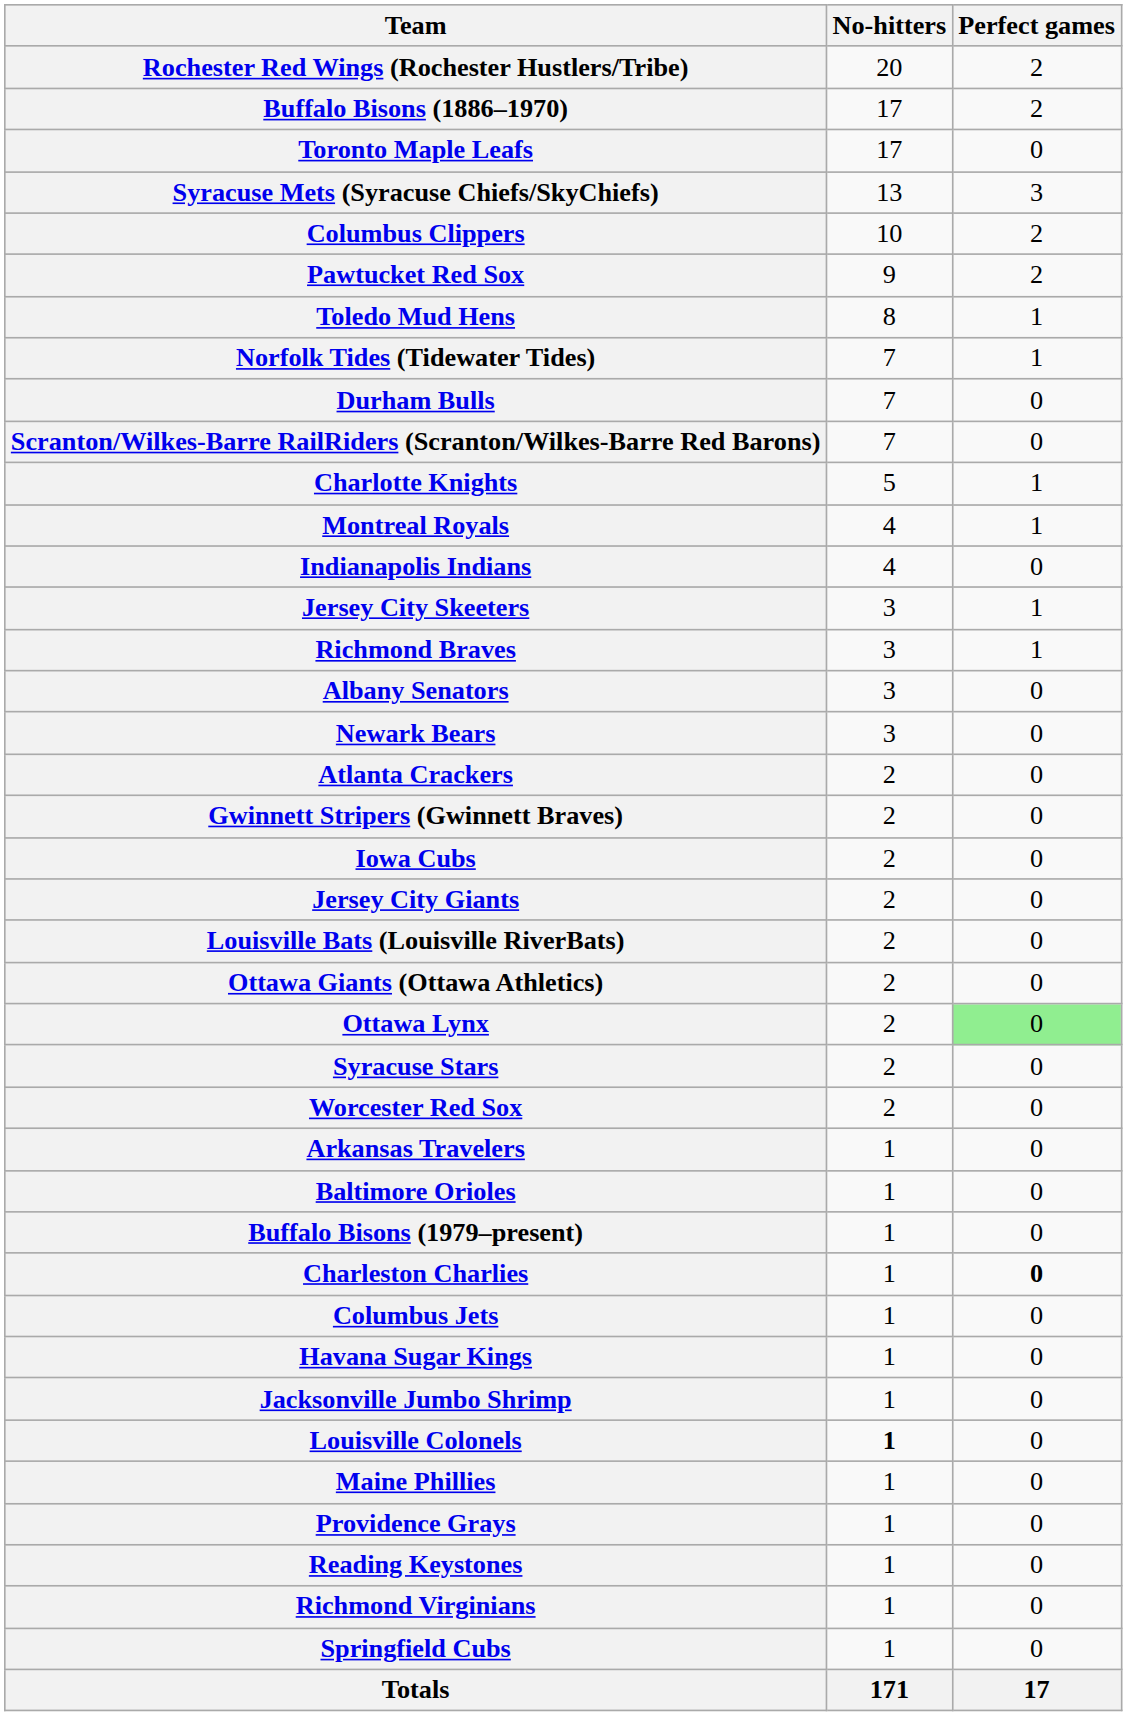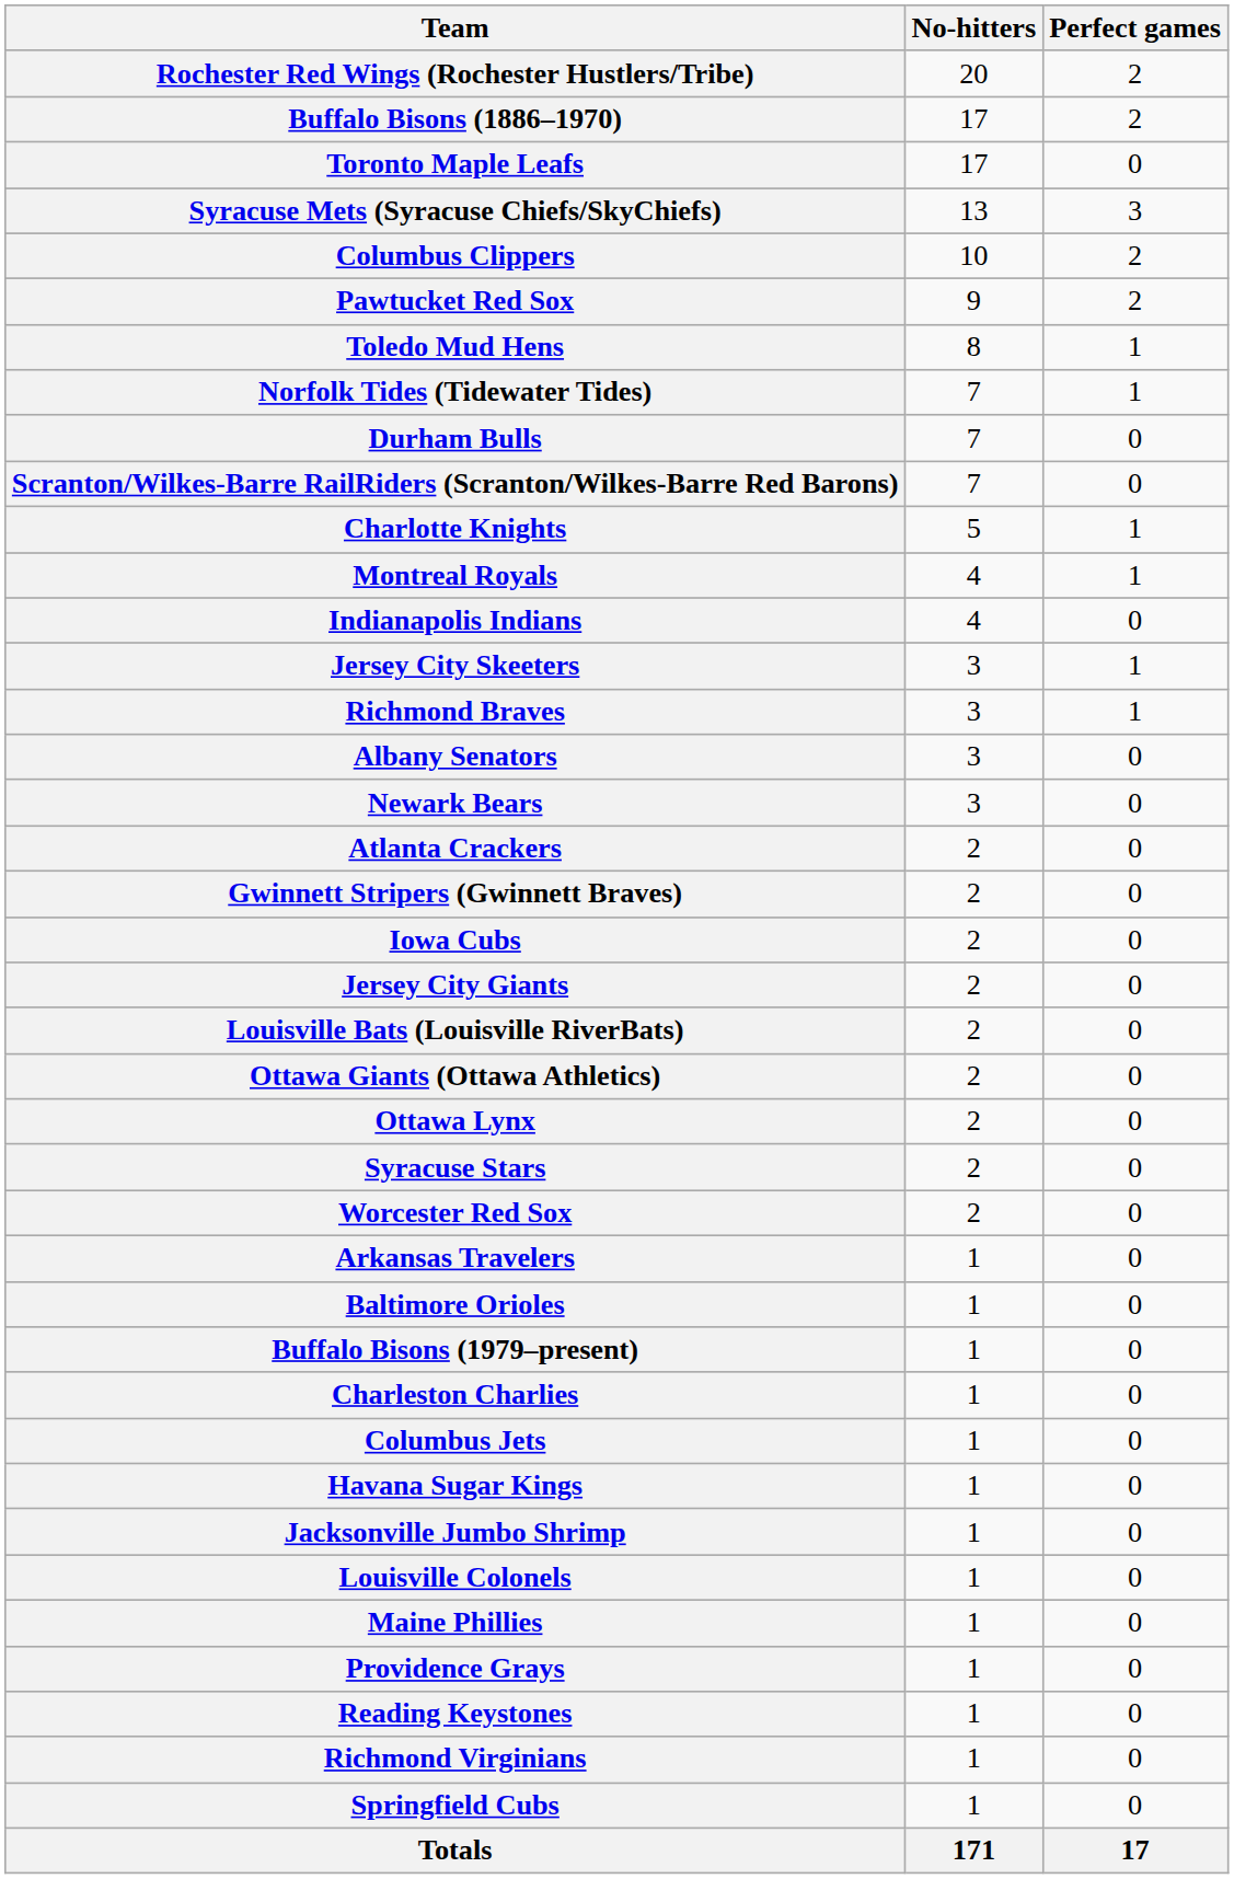 <table class="sortable wikitable plainrowheaders" style="text-align:center;">
 <tr>
 <th scope="col">Team</th>
 <th scope="col">No-hitters</th>
 <th scope="col">Perfect games</th>
 </tr>
 <tr>
 <th scope="row"><strong><a href='#'>Rochester Red Wings</a></strong> (Rochester Hustlers/Tribe)</th>
 <td>20</td>
 <td>2</td>
 </tr>
 <tr>
 <th scope="row"><a href='#'>Buffalo Bisons</a> (1886–1970)</th>
 <td>17</td>
 <td>2</td>
 </tr>
 <tr>
 <th scope="row"><a href='#'>Toronto Maple Leafs</a></th>
 <td>17</td>
 <td>0</td>
 </tr>
 <tr>
 <th scope="row"><strong><a href='#'>Syracuse Mets</a></strong> (Syracuse Chiefs/SkyChiefs)</th>
 <td>13</td>
 <td>3</td>
 </tr>
 <tr>
 <th scope="row"><strong><a href='#'>Columbus Clippers</a></strong></th>
 <td>10</td>
 <td>2</td>
 </tr>
 <tr>
 <th scope="row"><a href='#'>Pawtucket Red Sox</a></th>
 <td>9</td>
 <td>2</td>
 </tr>
 <tr>
 <th scope="row"><strong><a href='#'>Toledo Mud Hens</a></strong></th>
 <td>8</td>
 <td>1</td>
 </tr>
 <tr>
 <th scope="row"><strong><a href='#'>Norfolk Tides</a></strong> (Tidewater Tides)</th>
 <td>7</td>
 <td>1</td>
 </tr>
 <tr>
 <th scope="row"><strong><a href='#'>Durham Bulls</a></strong></th>
 <td>7</td>
 <td>0</td>
 </tr>
 <tr>
 <th scope="row"><strong><a href='#'>Scranton/Wilkes-Barre RailRiders</a></strong> (Scranton/Wilkes-Barre Red Barons)</th>
 <td>7</td>
 <td>0</td>
 </tr>
 <tr>
 <th scope="row"><strong><a href='#'>Charlotte Knights</a></strong></th>
 <td>5</td>
 <td>1</td>
 </tr>
 <tr>
 <th scope="row"><a href='#'>Montreal Royals</a></th>
 <td>4</td>
 <td>1</td>
 </tr>
 <tr>
 <th scope="row"><strong><a href='#'>Indianapolis Indians</a></strong></th>
 <td>4</td>
 <td>0</td>
 </tr>
 <tr>
 <th scope="row"><a href='#'>Jersey City Skeeters</a></th>
 <td>3</td>
 <td>1</td>
 </tr>
 <tr>
 <th scope="row"><a href='#'>Richmond Braves</a></th>
 <td>3</td>
 <td>1</td>
 </tr>
 <tr>
 <th scope="row"><a href='#'>Albany Senators</a></th>
 <td>3</td>
 <td>0</td>
 </tr>
 <tr>
 <th scope="row"><a href='#'>Newark Bears</a></th>
 <td>3</td>
 <td>0</td>
 </tr>
 <tr>
 <th scope="row"><a href='#'>Atlanta Crackers</a></th>
 <td>2</td>
 <td>0</td>
 </tr>
 <tr>
 <th scope="row"><strong><a href='#'>Gwinnett Stripers</a></strong> (Gwinnett Braves)</th>
 <td>2</td>
 <td>0</td>
 </tr>
 <tr>
 <th scope="row"><strong><a href='#'>Iowa Cubs</a></strong></th>
 <td>2</td>
 <td>0</td>
 </tr>
 <tr>
 <th scope="row"><a href='#'>Jersey City Giants</a></th>
 <td>2</td>
 <td>0</td>
 </tr>
 <tr>
 <th scope="row"><strong><a href='#'>Louisville Bats</a></strong> (Louisville RiverBats)</th>
 <td>2</td>
 <td>0</td>
 </tr>
 <tr>
 <th scope="row"><a href='#'>Ottawa Giants</a> (Ottawa Athletics)</th>
 <td>2</td>
 <td>0</td>
 </tr>
 <tr>
 <th scope="row"><a href='#'>Ottawa Lynx</a></th>
 <td>2</td>
-<td style="background: lightgreen;">0</td>
+<td>0</td>
 </tr>
 <tr>
 <th scope="row"><a href='#'>Syracuse Stars</a></th>
 <td>2</td>
 <td>0</td>
 </tr>
 <tr>
 <th scope="row"><strong><a href='#'>Worcester Red Sox</a></strong></th>
 <td>2</td>
 <td>0</td>
 </tr>
 <tr>
 <th scope="row"><a href='#'>Arkansas Travelers</a></th>
 <td>1</td>
 <td>0</td>
 </tr>
 <tr>
 <th scope="row"><a href='#'>Baltimore Orioles</a></th>
 <td>1</td>
 <td>0</td>
 </tr>
 <tr>
 <th scope="row"><strong><a href='#'>Buffalo Bisons</a></strong> (1979–present)</th>
 <td>1</td>
 <td>0</td>
 </tr>
 <tr>
 <th scope="row"><a href='#'>Charleston Charlies</a></th>
 <td>1</td>
-<td><strong>0</strong></td>
+<td>0</td>
 </tr>
 <tr>
 <th scope="row"><a href='#'>Columbus Jets</a></th>
 <td>1</td>
 <td>0</td>
 </tr>
 <tr>
 <th scope="row"><a href='#'>Havana Sugar Kings</a></th>
 <td>1</td>
 <td>0</td>
 </tr>
 <tr>
 <th scope="row"><strong><a href='#'>Jacksonville Jumbo Shrimp</a></strong></th>
 <td>1</td>
 <td>0</td>
 </tr>
 <tr>
 <th scope="row"><a href='#'>Louisville Colonels</a></th>
-<td><strong>1</strong></td>
+<td>1</td>
 <td>0</td>
 </tr>
 <tr>
 <th scope="row"><a href='#'>Maine Phillies</a></th>
 <td>1</td>
 <td>0</td>
 </tr>
 <tr>
 <th scope="row"><a href='#'>Providence Grays</a></th>
 <td>1</td>
 <td>0</td>
 </tr>
 <tr>
 <th scope="row"><a href='#'>Reading Keystones</a></th>
 <td>1</td>
 <td>0</td>
 </tr>
 <tr>
 <th scope="row"><a href='#'>Richmond Virginians</a></th>
 <td>1</td>
 <td>0</td>
 </tr>
 <tr>
 <th scope="row"><a href='#'>Springfield Cubs</a></th>
 <td>1</td>
 <td>0</td>
 </tr>
 <tr class="sortbottom">
 <th scope="row" text-align:"center"><strong>Totals</strong></th>
 <th>171</th>
 <th>17</th>
 </tr>
 </table>
